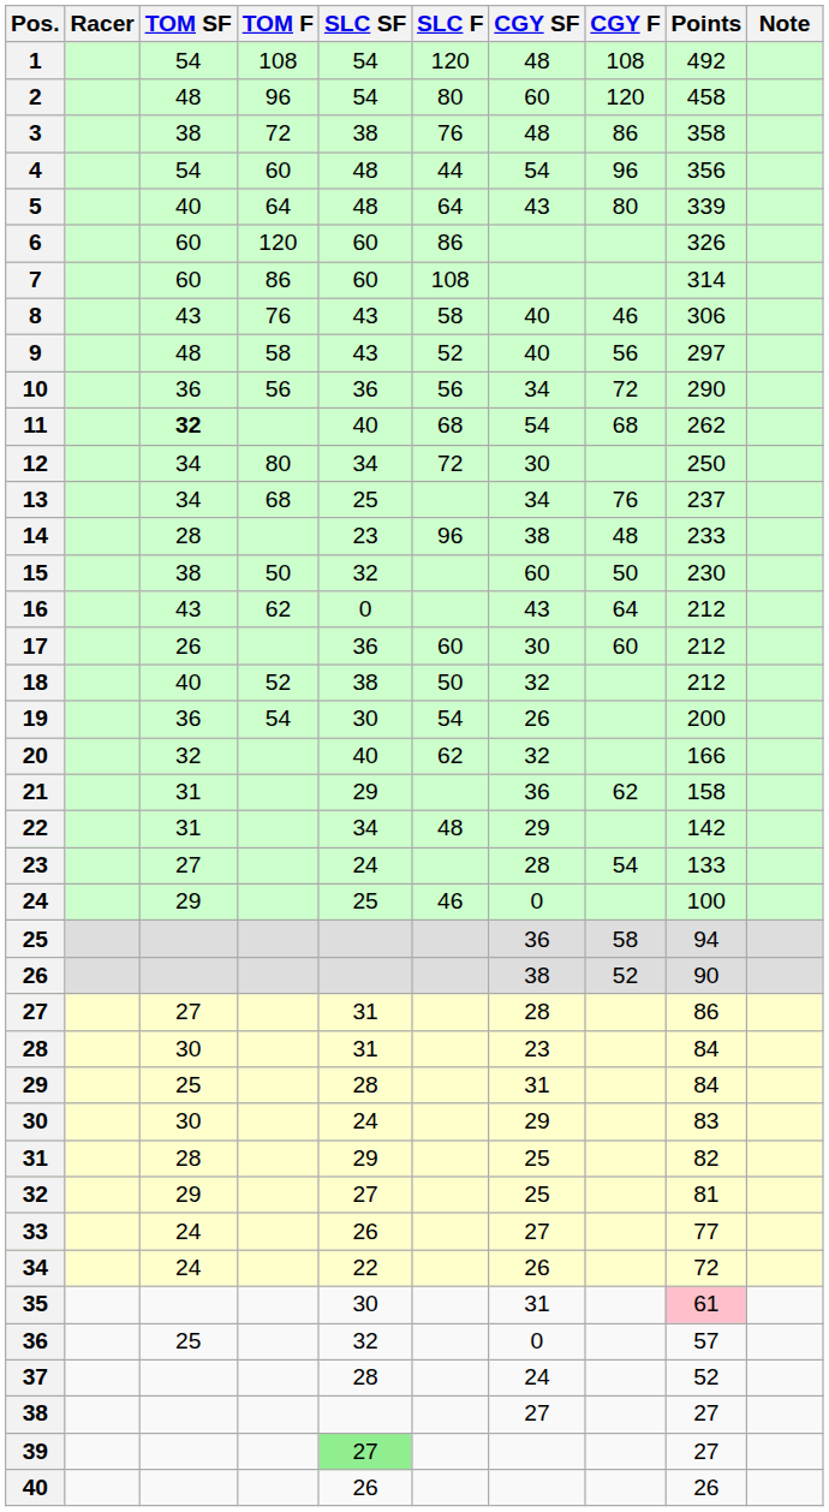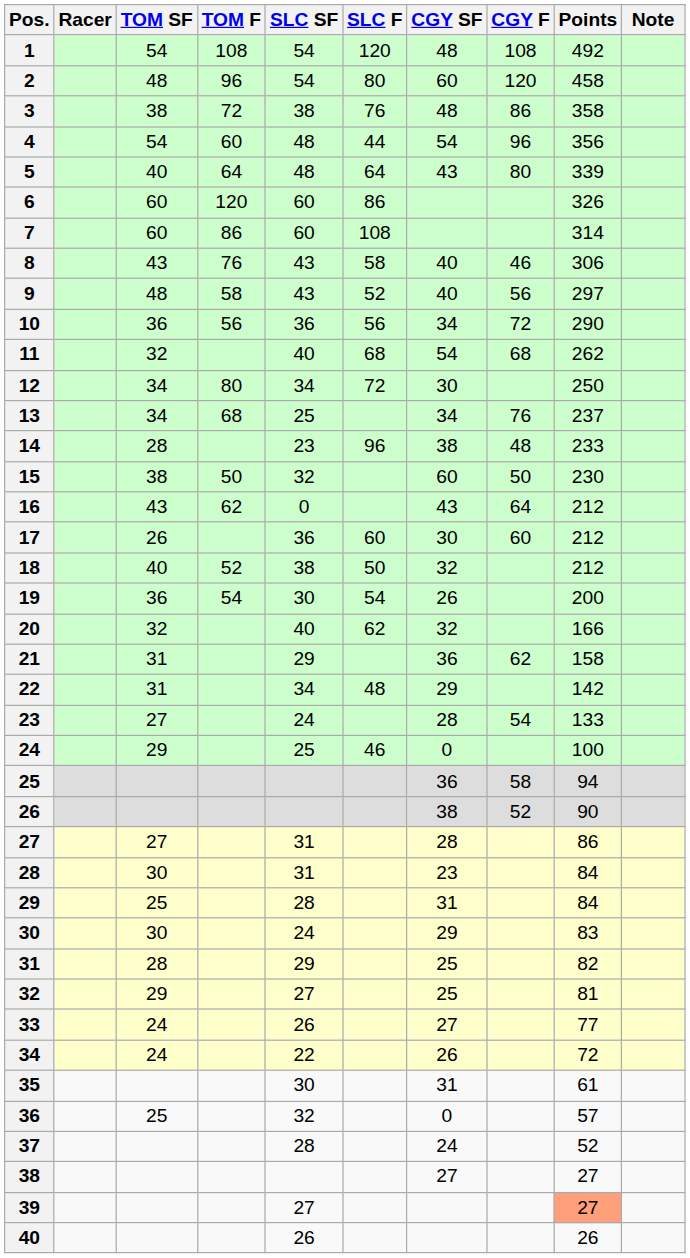 <table class="wikitable sortable plainrowheaders" style="text-align:center;">
 <tr>
 <th scope="col">Pos.</th>
 <th scope="col">Racer</th>
 <th scope="col"> <a href='#'>TOM</a> SF</th>
 <th scope="col"> <a href='#'>TOM</a> F</th>
 <th scope="col"> <a href='#'>SLC</a> SF</th>
 <th scope="col"> <a href='#'>SLC</a> F</th>
 <th scope="col"> <a href='#'>CGY</a> SF</th>
 <th scope="col"> <a href='#'>CGY</a> F</th>
 <th style="width:45px;">Points</th>
 <th style="width:45px;">Note</th>
 </tr>
 <tr bgcolor=#ccffcc>
 <th style="text - align:center; ">1</th>
 <td align="left"></td>
 <td>54</td>
 <td>108</td>
 <td>54</td>
 <td>120</td>
 <td>48</td>
 <td>108</td>
 <td>492</td>
 <td></td>
 </tr>
 <tr bgcolor=#ccffcc>
 <th style="text - align:center; ">2</th>
 <td align="left"></td>
 <td>48</td>
 <td>96</td>
 <td>54</td>
 <td>80</td>
 <td>60</td>
 <td>120</td>
 <td>458</td>
 <td></td>
 </tr>
 <tr bgcolor=#ccffcc>
 <th style="text - align:center; ">3</th>
 <td align="left"></td>
 <td>38</td>
 <td>72</td>
 <td>38</td>
 <td>76</td>
 <td>48</td>
 <td>86</td>
 <td>358</td>
 <td></td>
 </tr>
 <tr bgcolor=#ccffcc>
 <th style="text - align:center; ">4</th>
 <td align="left"></td>
 <td>54</td>
 <td>60</td>
 <td>48</td>
 <td>44</td>
 <td>54</td>
 <td>96</td>
 <td>356</td>
 <td></td>
 </tr>
 <tr bgcolor=#ccffcc>
 <th style="text - align:center; ">5</th>
 <td align="left"></td>
 <td>40</td>
 <td>64</td>
 <td>48</td>
 <td>64</td>
 <td>43</td>
 <td>80</td>
 <td>339</td>
 <td></td>
 </tr>
 <tr bgcolor=#ccffcc>
 <th style="text - align:center; ">6</th>
 <td align="left"></td>
 <td>60</td>
 <td>120</td>
 <td>60</td>
 <td>86</td>
 <td></td>
 <td></td>
 <td>326</td>
 <td></td>
 </tr>
 <tr bgcolor=#ccffcc>
 <th style="text - align:center; ">7</th>
 <td align="left"></td>
 <td>60</td>
 <td>86</td>
 <td>60</td>
 <td>108</td>
 <td></td>
 <td></td>
 <td>314</td>
 <td></td>
 </tr>
 <tr bgcolor=#ccffcc>
 <th style="text - align:center; ">8</th>
 <td align="left"></td>
 <td>43</td>
 <td>76</td>
 <td>43</td>
 <td>58</td>
 <td>40</td>
 <td>46</td>
 <td>306</td>
 <td></td>
 </tr>
 <tr bgcolor=#ccffcc>
 <th style="text - align:center; ">9</th>
 <td align="left"></td>
 <td>48</td>
 <td>58</td>
 <td>43</td>
 <td>52</td>
 <td>40</td>
 <td>56</td>
 <td>297</td>
 <td></td>
 </tr>
 <tr bgcolor=#ccffcc>
 <th style="text - align:center; ">10</th>
 <td align="left"></td>
 <td>36</td>
 <td>56</td>
 <td>36</td>
 <td>56</td>
 <td>34</td>
 <td>72</td>
 <td>290</td>
 <td></td>
 </tr>
 <tr bgcolor=#ccffcc>
 <th style="text - align:center; ">11</th>
 <td align="left"></td>
-<td><strong>32</strong></td>
+<td>32</td>
 <td></td>
 <td>40</td>
 <td>68</td>
 <td>54</td>
 <td>68</td>
 <td>262</td>
 <td></td>
 </tr>
 <tr bgcolor=#ccffcc>
 <th style="text - align:center; ">12</th>
 <td align="left"></td>
 <td>34</td>
 <td>80</td>
 <td>34</td>
 <td>72</td>
 <td>30</td>
 <td></td>
 <td>250</td>
 <td></td>
 </tr>
 <tr bgcolor=#ccffcc>
 <th style="text - align:center; ">13</th>
 <td align="left"></td>
 <td>34</td>
 <td>68</td>
 <td>25</td>
 <td></td>
 <td>34</td>
 <td>76</td>
 <td>237</td>
 <td></td>
 </tr>
 <tr bgcolor=#ccffcc>
 <th style="text - align:center; ">14</th>
 <td align="left"></td>
 <td>28</td>
 <td></td>
 <td>23</td>
 <td>96</td>
 <td>38</td>
 <td>48</td>
 <td>233</td>
 <td></td>
 </tr>
 <tr bgcolor=#ccffcc>
 <th style="text - align:center; ">15</th>
 <td align="left"></td>
 <td>38</td>
 <td>50</td>
 <td>32</td>
 <td></td>
 <td>60</td>
 <td>50</td>
 <td>230</td>
 <td></td>
 </tr>
 <tr bgcolor=#ccffcc>
 <th style="text - align:center; ">16</th>
 <td align="left"></td>
 <td>43</td>
 <td>62</td>
 <td>0</td>
 <td></td>
 <td>43</td>
 <td>64</td>
 <td>212</td>
 <td></td>
 </tr>
 <tr bgcolor=#ccffcc>
 <th style="text - align:center; ">17</th>
 <td align="left"></td>
 <td>26</td>
 <td></td>
 <td>36</td>
 <td>60</td>
 <td>30</td>
 <td>60</td>
 <td>212</td>
 <td></td>
 </tr>
 <tr bgcolor=#ccffcc>
 <th style="text - align:center; ">18</th>
 <td align="left"></td>
 <td>40</td>
 <td>52</td>
 <td>38</td>
 <td>50</td>
 <td>32</td>
 <td></td>
 <td>212</td>
 <td></td>
 </tr>
 <tr bgcolor=#ccffcc>
 <th style="text - align:center; ">19</th>
 <td align="left"></td>
 <td>36</td>
 <td>54</td>
 <td>30</td>
 <td>54</td>
 <td>26</td>
 <td></td>
 <td>200</td>
 <td></td>
 </tr>
 <tr bgcolor=#ccffcc>
 <th style="text - align:center; ">20</th>
 <td align="left"></td>
 <td>32</td>
 <td></td>
 <td>40</td>
 <td>62</td>
 <td>32</td>
 <td></td>
 <td>166</td>
 <td></td>
 </tr>
 <tr bgcolor=#ccffcc>
 <th style="text - align:center; ">21</th>
 <td align="left"></td>
 <td>31</td>
 <td></td>
 <td>29</td>
 <td></td>
 <td>36</td>
 <td>62</td>
 <td>158</td>
 <td></td>
 </tr>
 <tr bgcolor=#ccffcc>
 <th style="text - align:center; ">22</th>
 <td align="left"></td>
 <td>31</td>
 <td></td>
 <td>34</td>
 <td>48</td>
 <td>29</td>
 <td></td>
 <td>142</td>
 <td></td>
 </tr>
 <tr bgcolor=#ccffcc>
 <th style="text - align:center; ">23</th>
 <td align="left"></td>
 <td>27</td>
 <td></td>
 <td>24</td>
 <td></td>
 <td>28</td>
 <td>54</td>
 <td>133</td>
 <td></td>
 </tr>
 <tr bgcolor=#ccffcc>
 <th style="text - align:center; ">24</th>
 <td align="left"></td>
 <td>29</td>
 <td></td>
 <td>25</td>
 <td>46</td>
 <td>0</td>
 <td></td>
 <td>100</td>
 <td></td>
 </tr>
 <tr bgcolor=#dddddd>
 <th style="text - align:center; ">25</th>
 <td align="left"></td>
 <td></td>
 <td></td>
 <td></td>
 <td></td>
 <td>36</td>
 <td>58</td>
 <td>94</td>
 <td></td>
 </tr>
 <tr bgcolor=#dddddd>
 <th style="text - align:center; ">26</th>
 <td align="left"></td>
 <td></td>
 <td></td>
 <td></td>
 <td></td>
 <td>38</td>
 <td>52</td>
 <td>90</td>
 <td></td>
 </tr>
 <tr bgcolor=#ffffcc>
 <th style="text - align:center; ">27</th>
 <td align="left"></td>
 <td>27</td>
 <td></td>
 <td>31</td>
 <td></td>
 <td>28</td>
 <td></td>
 <td>86</td>
 <td></td>
 </tr>
 <tr bgcolor=#ffffcc>
 <th style="text - align:center; ">28</th>
 <td align="left"></td>
 <td>30</td>
 <td></td>
 <td>31</td>
 <td></td>
 <td>23</td>
 <td></td>
 <td>84</td>
 <td></td>
 </tr>
 <tr bgcolor=#ffffcc>
 <th style="text - align:center; ">29</th>
 <td align="left"></td>
 <td>25</td>
 <td></td>
 <td>28</td>
 <td></td>
 <td>31</td>
 <td></td>
 <td>84</td>
 <td></td>
 </tr>
 <tr bgcolor=#ffffcc>
 <th style="text - align:center; ">30</th>
 <td align="left"></td>
 <td>30</td>
 <td></td>
 <td>24</td>
 <td></td>
 <td>29</td>
 <td></td>
 <td>83</td>
 <td></td>
 </tr>
 <tr bgcolor=#ffffcc>
 <th style="text - align:center; ">31</th>
 <td align="left"></td>
 <td>28</td>
 <td></td>
 <td>29</td>
 <td></td>
 <td>25</td>
 <td></td>
 <td>82</td>
 <td></td>
 </tr>
 <tr bgcolor=#ffffcc>
 <th style="text - align:center; ">32</th>
 <td align="left"></td>
 <td>29</td>
 <td></td>
 <td>27</td>
 <td></td>
 <td>25</td>
 <td></td>
 <td>81</td>
 <td></td>
 </tr>
 <tr bgcolor=#ffffcc>
 <th style="text - align:center; ">33</th>
 <td align="left"></td>
 <td>24</td>
 <td></td>
 <td>26</td>
 <td></td>
 <td>27</td>
 <td></td>
 <td>77</td>
 <td></td>
 </tr>
 <tr bgcolor=#ffffcc>
 <th style="text - align:center; ">34</th>
 <td align="left"></td>
 <td>24</td>
 <td></td>
 <td>22</td>
 <td></td>
 <td>26</td>
 <td></td>
 <td>72</td>
 <td></td>
 </tr>
 <tr>
 <th style="text - align:center; ">35</th>
 <td align="left"></td>
 <td></td>
 <td></td>
 <td>30</td>
 <td></td>
 <td>31</td>
 <td></td>
-<td style="background: pink;">61</td>
+<td>61</td>
 <td></td>
 </tr>
 <tr>
 <th style="text - align:center; ">36</th>
 <td align="left"></td>
 <td>25</td>
 <td></td>
 <td>32</td>
 <td></td>
 <td>0</td>
 <td></td>
 <td>57</td>
 <td></td>
 </tr>
 <tr>
 <th style="text - align:center; ">37</th>
 <td align="left"></td>
 <td></td>
 <td></td>
 <td>28</td>
 <td></td>
 <td>24</td>
 <td></td>
 <td>52</td>
 <td></td>
 </tr>
 <tr>
 <th style="text - align:center; ">38</th>
 <td align="left"></td>
 <td></td>
 <td></td>
 <td></td>
 <td></td>
 <td>27</td>
 <td></td>
 <td>27</td>
 <td></td>
 </tr>
 <tr>
 <th style="text - align:center; ">39</th>
 <td align="left"></td>
 <td></td>
 <td></td>
-<td style="background: lightgreen;">27</td>
+<td>27</td>
 <td></td>
 <td></td>
 <td></td>
-<td>27</td>
+<td style="background: lightsalmon;">27</td>
 <td></td>
 </tr>
 <tr>
 <th style="text - align:center; ">40</th>
 <td align="left"></td>
 <td></td>
 <td></td>
 <td>26</td>
 <td></td>
 <td></td>
 <td></td>
 <td>26</td>
 <td></td>
 </tr>
 </table>
